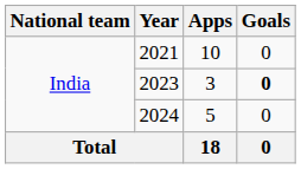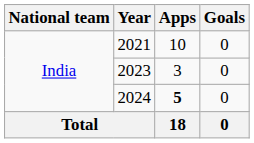 <table class="wikitable" style="text-align: center;">
 <tr>
 <th>National team</th>
 <th>Year</th>
 <th>Apps</th>
 <th>Goals</th>
 </tr>
 <tr>
 <td rowspan="3"><a href='#'>India</a></td>
 <td>2021</td>
 <td>10</td>
 <td>0</td>
 </tr>
 <tr>
 <td>2023</td>
 <td>3</td>
-<td><strong>0</strong></td>
+<td>0</td>
 </tr>
 <tr>
 <td>2024</td>
-<td>5</td>
+<td><strong>5</strong></td>
 <td>0</td>
 </tr>
 <tr>
 <th colspan="2">Total</th>
 <th>18</th>
 <th>0</th>
 </tr>
 </table>
